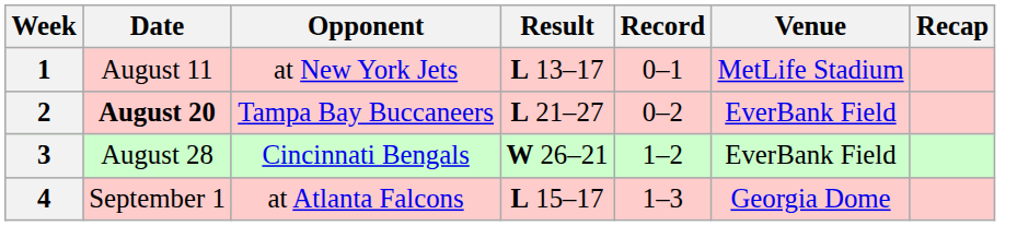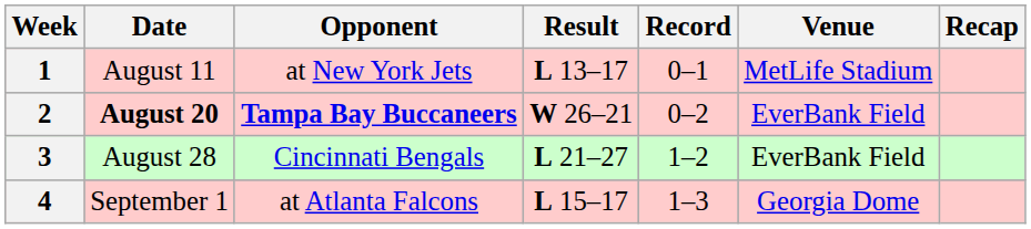 <table class="wikitable" style="text-align:center">
 <tr>
 <th>Week</th>
 <th>Date</th>
 <th>Opponent</th>
 <th>Result</th>
 <th>Record</th>
 <th>Venue</th>
 <th>Recap</th>
 </tr>
 <tr style="background:#fcc">
 <th>1</th>
 <td>August 11</td>
 <td>at <a href='#'>New York Jets</a></td>
 <td><strong>L</strong> 13–17</td>
 <td>0–1</td>
 <td><a href='#'>MetLife Stadium</a></td>
 <td></td>
 </tr>
 <tr style="background:#fcc">
 <th>2</th>
 <td><strong>August 20</strong></td>
-<td><a href='#'>Tampa Bay Buccaneers</a></td>
-<td><strong>L</strong> 21–27</td>
+<td><strong><a href='#'>Tampa Bay Buccaneers</a></strong></td>
+<td><strong>W</strong> 26–21</td>
 <td>0–2</td>
 <td><a href='#'>EverBank Field</a></td>
 <td></td>
 </tr>
 <tr style="background:#cfc">
 <th>3</th>
 <td>August 28</td>
 <td><a href='#'>Cincinnati Bengals</a></td>
-<td><strong>W</strong> 26–21</td>
+<td><strong>L</strong> 21–27</td>
 <td>1–2</td>
 <td>EverBank Field</td>
 <td></td>
 </tr>
 <tr style="background:#fcc">
 <th>4</th>
 <td>September 1</td>
 <td>at <a href='#'>Atlanta Falcons</a></td>
 <td><strong>L</strong> 15–17</td>
 <td>1–3</td>
 <td><a href='#'>Georgia Dome</a></td>
 <td></td>
 </tr>
 </table>
